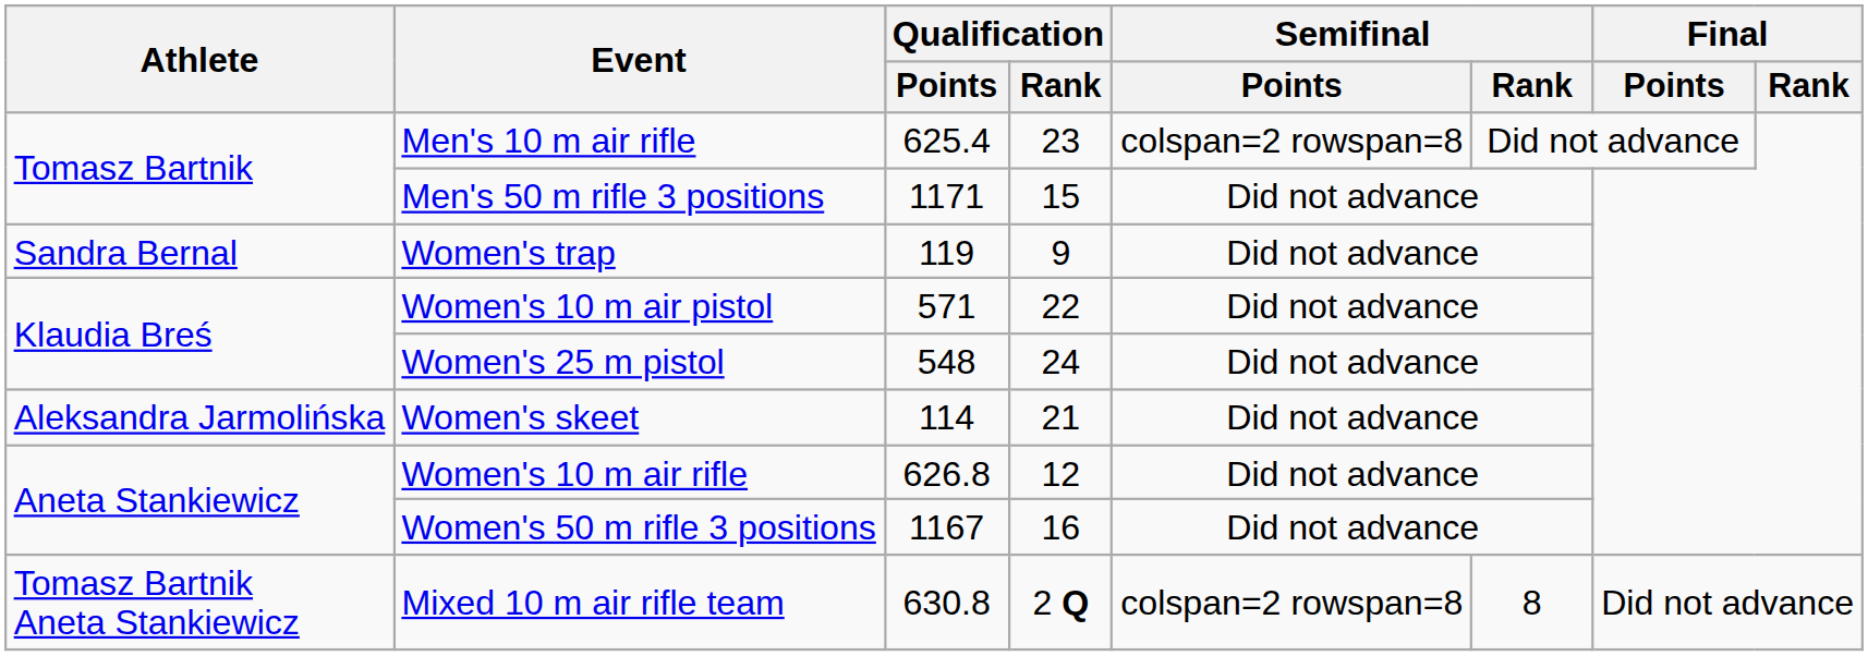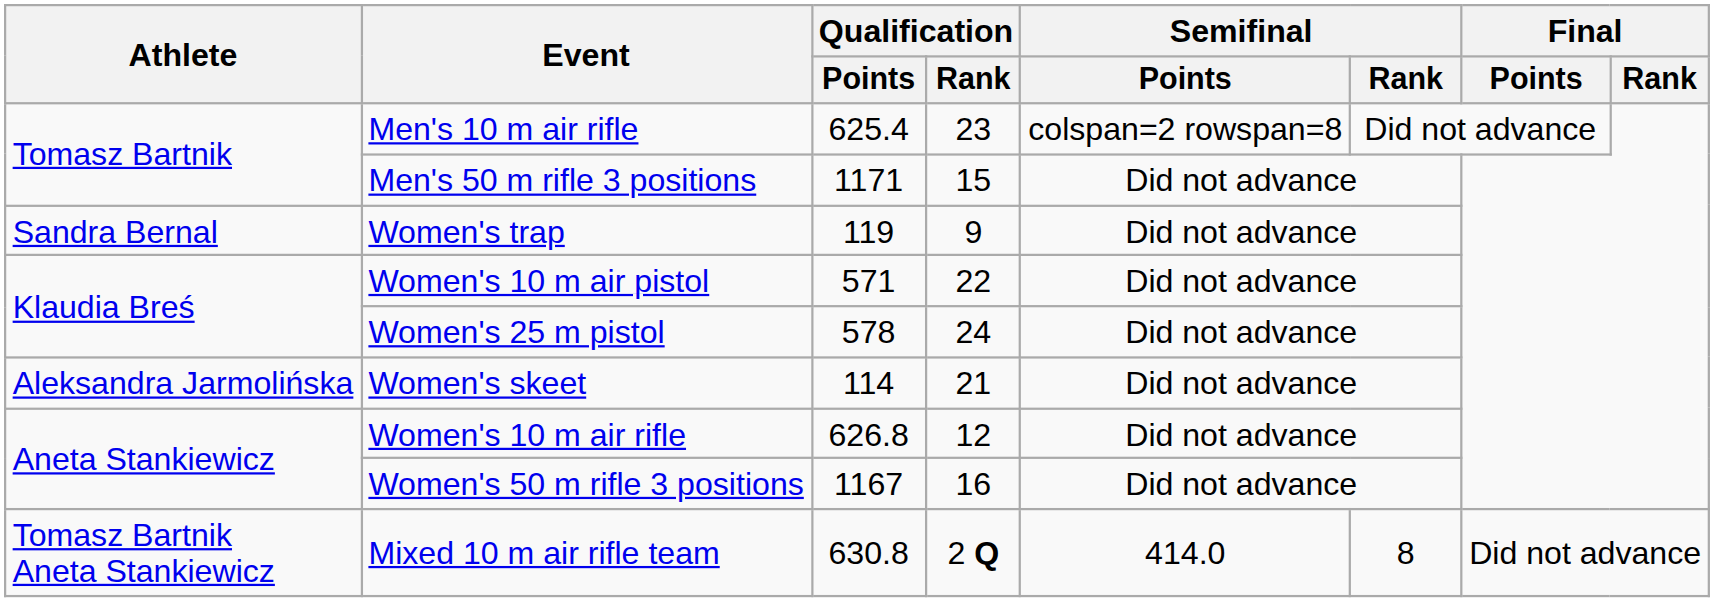 <table class="wikitable" style="text-align:center; font-size:90%">
 <tr>
 <th rowspan=2>Athlete</th>
 <th rowspan=2>Event</th>
 <th colspan=2>Qualification</th>
 <th colspan=2>Semifinal</th>
 <th colspan=2>Final</th>
 </tr>
 <tr style="font-size:95%">
 <th>Points</th>
 <th>Rank</th>
 <th>Points</th>
 <th>Rank</th>
 <th>Points</th>
 <th>Rank</th>
 </tr>
 <tr>
 <td align=left rowspan=2><a href='#'>Tomasz Bartnik</a></td>
 <td align=left><a href='#'>Men's 10 m air rifle</a></td>
 <td>625.4</td>
 <td>23</td>
 <td>colspan=2 rowspan=8 </td>
 <td colspan=2>Did not advance</td>
 </tr>
 <tr>
 <td align=left><a href='#'>Men's 50 m rifle 3 positions</a></td>
 <td>1171</td>
 <td>15</td>
 <td colspan=2>Did not advance</td>
 </tr>
 <tr>
 <td align=left><a href='#'>Sandra Bernal</a></td>
 <td align=left><a href='#'>Women's trap</a></td>
 <td>119</td>
 <td>9</td>
 <td colspan=2>Did not advance</td>
 </tr>
 <tr>
 <td align=left rowspan=2><a href='#'>Klaudia Breś</a></td>
 <td align=left><a href='#'>Women's 10 m air pistol</a></td>
 <td>571</td>
 <td>22</td>
 <td colspan=2>Did not advance</td>
 </tr>
 <tr>
 <td align=left><a href='#'>Women's 25 m pistol</a></td>
-<td>548</td>
+<td>578</td>
 <td>24</td>
 <td colspan=2>Did not advance</td>
 </tr>
 <tr>
 <td align=left><a href='#'>Aleksandra Jarmolińska</a></td>
 <td align=left><a href='#'>Women's skeet</a></td>
 <td>114</td>
 <td>21</td>
 <td colspan=2>Did not advance</td>
 </tr>
 <tr>
 <td align=left rowspan=2><a href='#'>Aneta Stankiewicz</a></td>
 <td align=left><a href='#'>Women's 10 m air rifle</a></td>
 <td>626.8</td>
 <td>12</td>
 <td colspan=2>Did not advance</td>
 </tr>
 <tr>
 <td align=left><a href='#'>Women's 50 m rifle 3 positions</a></td>
 <td>1167</td>
 <td>16</td>
 <td colspan=2>Did not advance</td>
 </tr>
 <tr>
 <td align=left><a href='#'>Tomasz Bartnik</a><br><a href='#'>Aneta Stankiewicz</a></td>
 <td align=left><a href='#'>Mixed 10 m air rifle team</a></td>
 <td>630.8</td>
 <td>2 <strong>Q</strong></td>
-<td>colspan=2 rowspan=8 </td>
+<td>414.0</td>
 <td>8</td>
 <td colspan=2>Did not advance</td>
 </tr>
 </table>
